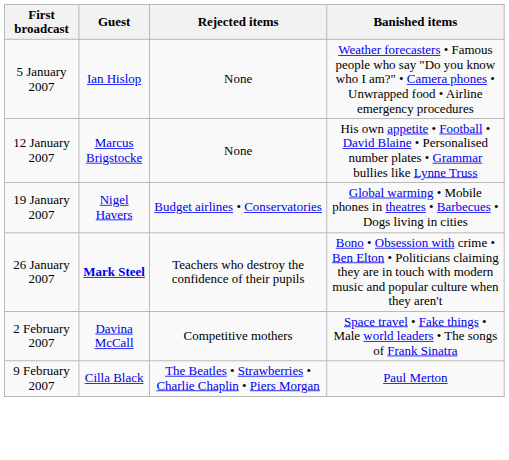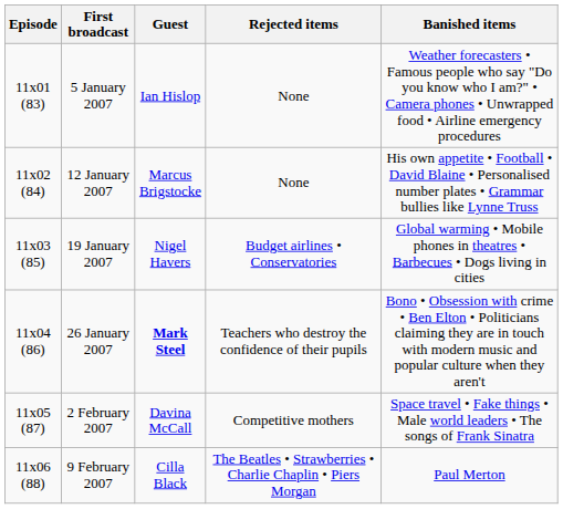 <table class="wikitable"  style="width:99%; left:0 auto; text-align:center;">
 <tr>
+<th style="width:8%;">Episode</th>
 <th style="width:13%;">First broadcast</th>
 <th style="width:12%;">Guest</th>
 <th style="width:31%;">Rejected items</th>
 <th style="width:31%;">Banished items</th>
 </tr>
 <tr>
+<td>11x01 (83)</td>
 <td>5 January 2007</td>
 <td><a href='#'>Ian Hislop</a></td>
 <td>None</td>
 <td><a href='#'>Weather forecasters</a> • Famous people who say "Do you know who I am?" • <a href='#'>Camera phones</a> • Unwrapped food • Airline emergency procedures</td>
 </tr>
 <tr>
+<td>11x02 (84)</td>
 <td>12 January 2007</td>
 <td><a href='#'>Marcus Brigstocke</a></td>
 <td>None</td>
 <td>His own <a href='#'>appetite</a> • <a href='#'>Football</a> • <a href='#'>David Blaine</a> • Personalised number plates • <a href='#'>Grammar</a> bullies like <a href='#'>Lynne Truss</a></td>
 </tr>
 <tr>
+<td>11x03 (85)</td>
 <td>19 January 2007</td>
 <td><a href='#'>Nigel Havers</a></td>
 <td><a href='#'>Budget airlines</a> • <a href='#'>Conservatories</a></td>
 <td><a href='#'>Global warming</a> • Mobile phones in <a href='#'>theatres</a> • <a href='#'>Barbecues</a> • Dogs living in cities</td>
 </tr>
 <tr>
+<td>11x04 (86)</td>
 <td>26 January 2007</td>
 <td><strong><a href='#'>Mark Steel</a></strong></td>
 <td>Teachers who destroy the confidence of their pupils</td>
 <td><a href='#'>Bono</a> • <a href='#'>Obsession with</a> crime • <a href='#'>Ben Elton</a> • Politicians claiming they are in touch with modern music and popular culture when they aren't</td>
 </tr>
 <tr>
+<td>11x05 (87)</td>
 <td>2 February 2007</td>
 <td><a href='#'>Davina McCall</a></td>
 <td>Competitive mothers</td>
 <td><a href='#'>Space travel</a> • <a href='#'>Fake things</a> • Male <a href='#'>world leaders</a> • The songs of <a href='#'>Frank Sinatra</a></td>
 </tr>
 <tr>
+<td>11x06 (88)</td>
 <td>9 February 2007</td>
 <td><a href='#'>Cilla Black</a></td>
 <td><a href='#'>The Beatles</a> • <a href='#'>Strawberries</a> • <a href='#'>Charlie Chaplin</a> • <a href='#'>Piers Morgan</a></td>
 <td><a href='#'>Paul Merton</a></td>
 </tr>
 </table>
